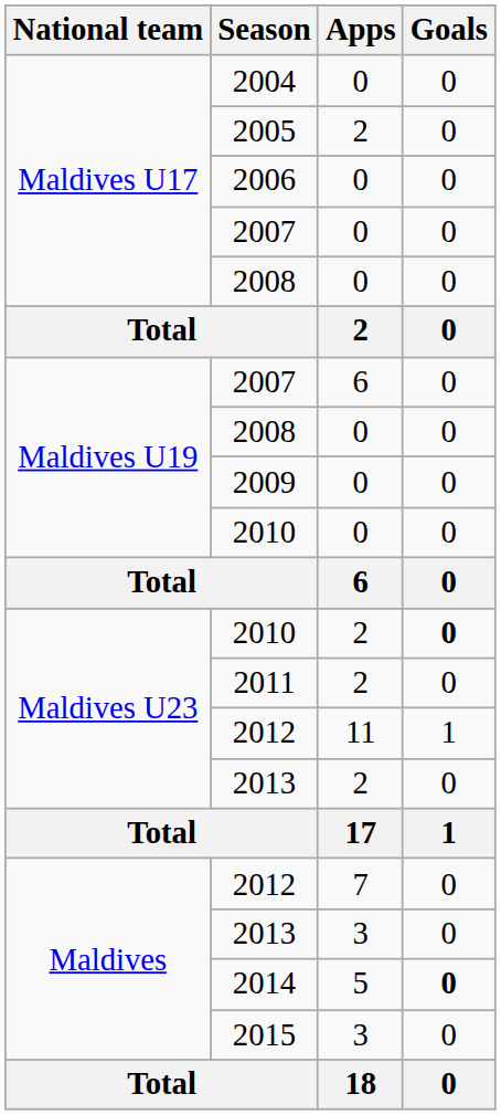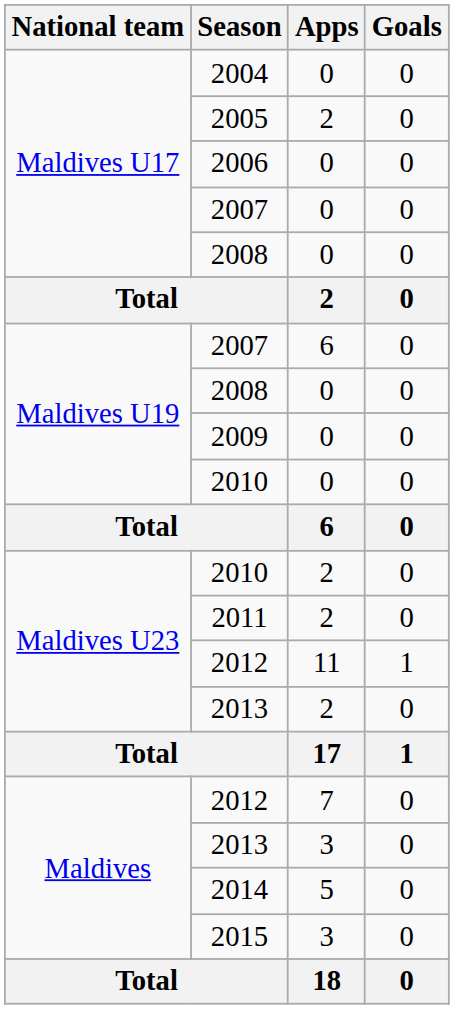 <table class="wikitable" style="text-align:center">
 <tr>
 <th>National team</th>
 <th>Season</th>
 <th>Apps</th>
 <th>Goals</th>
 </tr>
 <tr>
 <td rowspan=5 valign="center"><a href='#'>Maldives U17</a></td>
 <td>2004</td>
 <td>0</td>
 <td>0</td>
 </tr>
 <tr>
 <td>2005</td>
 <td>2</td>
 <td>0</td>
 </tr>
 <tr>
 <td>2006</td>
 <td>0</td>
 <td>0</td>
 </tr>
 <tr>
 <td>2007</td>
 <td>0</td>
 <td>0</td>
 </tr>
 <tr>
 <td>2008</td>
 <td>0</td>
 <td>0</td>
 </tr>
 <tr>
 <th colspan=2>Total</th>
 <th>2</th>
 <th>0</th>
 </tr>
 <tr>
 <td rowspan=4 valign="center"><a href='#'>Maldives U19</a></td>
 <td>2007</td>
 <td>6</td>
 <td>0</td>
 </tr>
 <tr>
 <td>2008</td>
 <td>0</td>
 <td>0</td>
 </tr>
 <tr>
 <td>2009</td>
 <td>0</td>
 <td>0</td>
 </tr>
 <tr>
 <td>2010</td>
 <td>0</td>
 <td>0</td>
 </tr>
 <tr>
 <th colspan=2>Total</th>
 <th>6</th>
 <th>0</th>
 </tr>
 <tr>
 <td rowspan=4 valign="center"><a href='#'>Maldives U23</a></td>
 <td>2010</td>
 <td>2</td>
-<td><strong>0</strong></td>
+<td>0</td>
 </tr>
 <tr>
 <td>2011</td>
 <td>2</td>
 <td>0</td>
 </tr>
 <tr>
 <td>2012</td>
 <td>11</td>
 <td>1</td>
 </tr>
 <tr>
 <td>2013</td>
 <td>2</td>
 <td>0</td>
 </tr>
 <tr>
 <th colspan=2>Total</th>
 <th>17</th>
 <th>1</th>
 </tr>
 <tr>
 <td rowspan=4 valign="center"><a href='#'>Maldives</a></td>
 <td>2012</td>
 <td>7</td>
 <td>0</td>
 </tr>
 <tr>
 <td>2013</td>
 <td>3</td>
 <td>0</td>
 </tr>
 <tr>
 <td>2014</td>
 <td>5</td>
-<td><strong>0</strong></td>
+<td>0</td>
 </tr>
 <tr>
 <td>2015</td>
 <td>3</td>
 <td>0</td>
 </tr>
 <tr>
 <th colspan=2>Total</th>
 <th>18</th>
 <th>0</th>
 </tr>
 </table>
